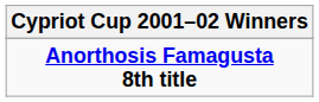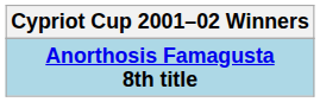 <table class="wikitable" style="text-align:center;margin: 0 auto;">
 <tr>
 <th>Cypriot Cup 2001–02 Winners</th>
 </tr>
 <tr>
 </tr>
 <tr>
-<td><strong><a href='#'>Anorthosis Famagusta</a></strong><br><strong>8th title</strong></td>
+<td style="background: lightblue;"><strong><a href='#'>Anorthosis Famagusta</a></strong><br><strong>8th title</strong></td>
 </tr>
 </table>
